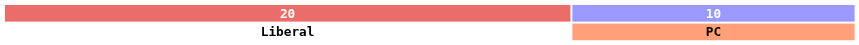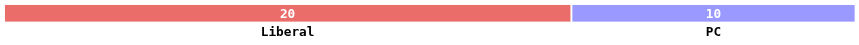 <table style="width:55%; text-align:center;">
 <tr style="color:white;">
 <td style="background:#EA6D6A; width:66.67%;"><strong>20</strong></td>
 <td style="background:#9999FF; width:33.33%;"><strong>10</strong></td>
 </tr>
 <tr>
 <td><span><strong>Liberal</strong></span></td>
-<td style="background: lightsalmon;"><span><strong>PC</strong></span></td>
+<td><span><strong>PC</strong></span></td>
 </tr>
 </table>
